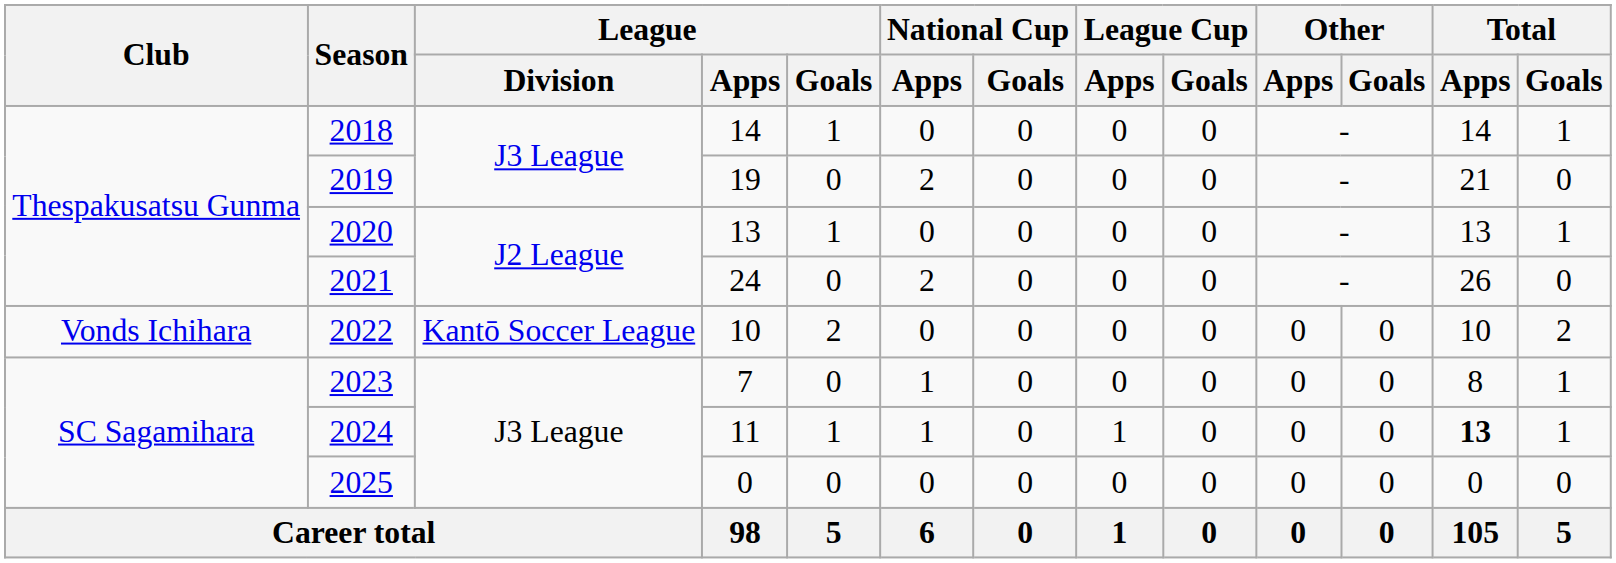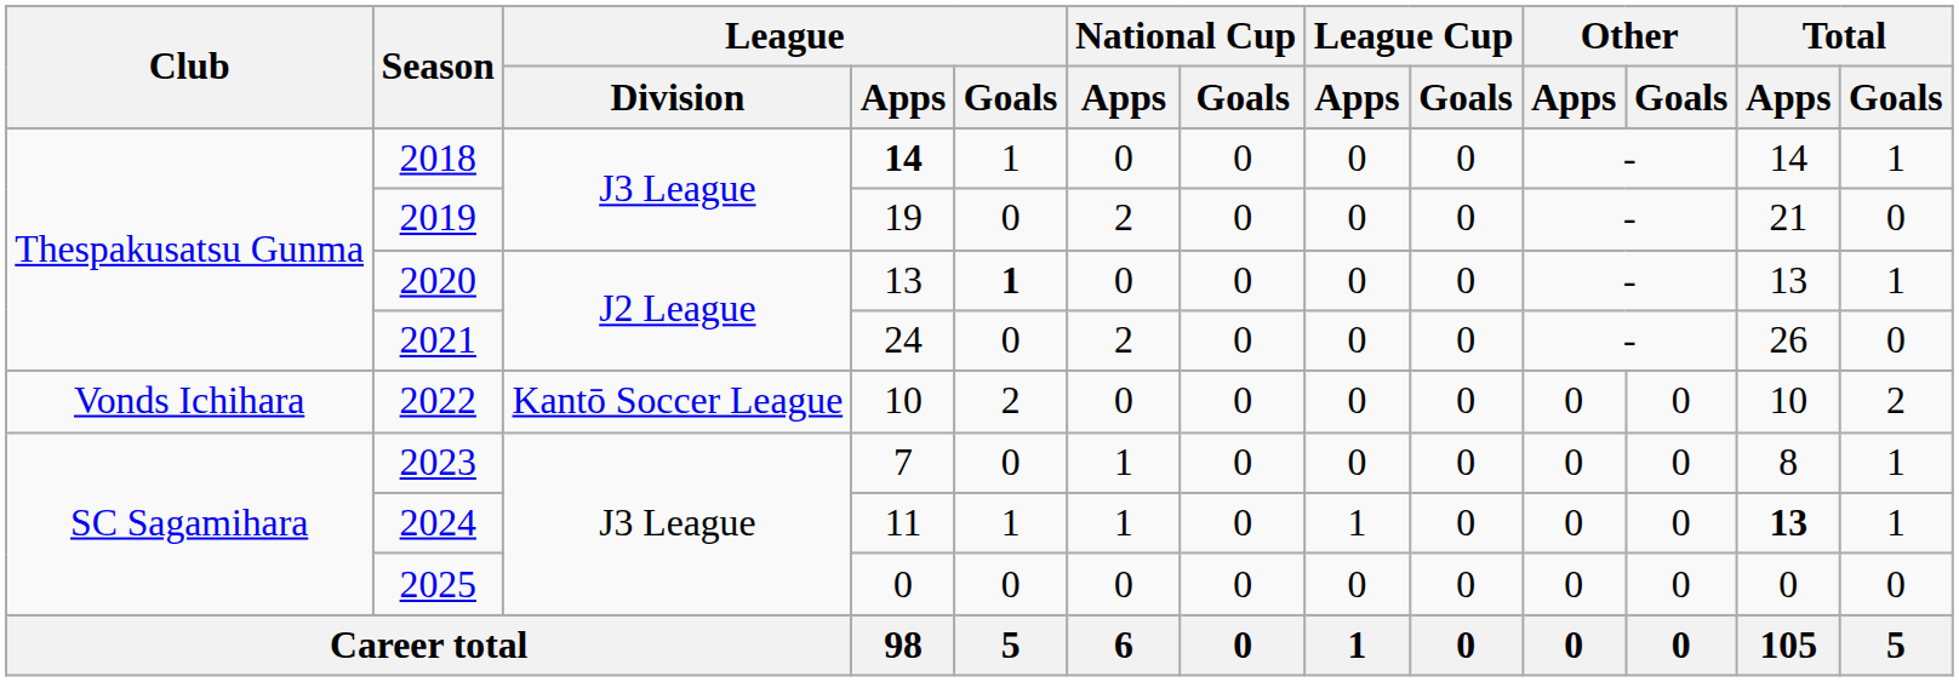 <table class="wikitable" style="text-align: center">
 <tr>
 <th rowspan="2">Club</th>
 <th rowspan="2">Season</th>
 <th colspan="3">League</th>
 <th colspan="2">National Cup</th>
 <th colspan="2">League Cup</th>
 <th colspan="2">Other</th>
 <th colspan="2">Total</th>
 </tr>
 <tr>
 <th>Division</th>
 <th>Apps</th>
 <th>Goals</th>
 <th>Apps</th>
 <th>Goals</th>
 <th>Apps</th>
 <th>Goals</th>
 <th>Apps</th>
 <th>Goals</th>
 <th>Apps</th>
 <th>Goals</th>
 </tr>
 <tr>
 <td rowspan="4"><a href='#'>Thespakusatsu Gunma</a></td>
 <td><a href='#'>2018</a></td>
 <td rowspan="2"><a href='#'>J3 League</a></td>
-<td>14</td>
+<td><strong>14</strong></td>
 <td>1</td>
 <td>0</td>
 <td>0</td>
 <td>0</td>
 <td>0</td>
 <td colspan=2>-</td>
 <td>14</td>
 <td>1</td>
 </tr>
 <tr>
 <td><a href='#'>2019</a></td>
 <td>19</td>
 <td>0</td>
 <td>2</td>
 <td>0</td>
 <td>0</td>
 <td>0</td>
 <td colspan=2>-</td>
 <td>21</td>
 <td>0</td>
 </tr>
 <tr>
 <td><a href='#'>2020</a></td>
 <td rowspan="2"><a href='#'>J2 League</a></td>
 <td>13</td>
-<td>1</td>
+<td><strong>1</strong></td>
 <td>0</td>
 <td>0</td>
 <td>0</td>
 <td>0</td>
 <td colspan=2>-</td>
 <td>13</td>
 <td>1</td>
 </tr>
 <tr>
 <td><a href='#'>2021</a></td>
 <td>24</td>
 <td>0</td>
 <td>2</td>
 <td>0</td>
 <td>0</td>
 <td>0</td>
 <td colspan=2>-</td>
 <td>26</td>
 <td>0</td>
 </tr>
 <tr>
 <td><a href='#'>Vonds Ichihara</a></td>
 <td><a href='#'>2022</a></td>
 <td><a href='#'>Kantō Soccer League</a></td>
 <td>10</td>
 <td>2</td>
 <td>0</td>
 <td>0</td>
 <td>0</td>
 <td>0</td>
 <td>0</td>
 <td>0</td>
 <td>10</td>
 <td>2</td>
 </tr>
 <tr>
 <td rowspan="3"><a href='#'>SC Sagamihara</a></td>
 <td><a href='#'>2023</a></td>
 <td rowspan="3">J3 League</td>
 <td>7</td>
 <td>0</td>
 <td>1</td>
 <td>0</td>
 <td>0</td>
 <td>0</td>
 <td>0</td>
 <td>0</td>
 <td>8</td>
 <td>1</td>
 </tr>
 <tr>
 <td><a href='#'>2024</a></td>
 <td>11</td>
 <td>1</td>
 <td>1</td>
 <td>0</td>
 <td>1</td>
 <td>0</td>
 <td>0</td>
 <td>0</td>
 <td><strong>13</strong></td>
 <td>1</td>
 </tr>
 <tr>
 <td><a href='#'>2025</a></td>
 <td>0</td>
 <td>0</td>
 <td>0</td>
 <td>0</td>
 <td>0</td>
 <td>0</td>
 <td>0</td>
 <td>0</td>
 <td>0</td>
 <td>0</td>
 </tr>
 <tr>
 <th colspan=3>Career total</th>
 <th>98</th>
 <th>5</th>
 <th>6</th>
 <th>0</th>
 <th>1</th>
 <th>0</th>
 <th>0</th>
 <th>0</th>
 <th>105</th>
 <th>5</th>
 </tr>
 </table>
